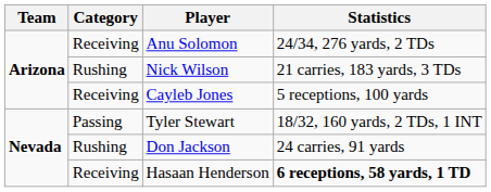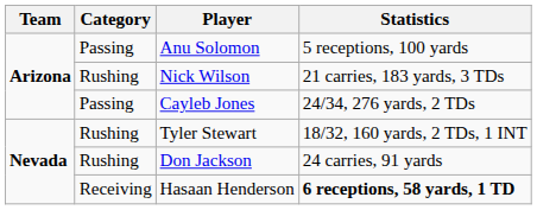 <table class="wikitable" style="float: left;">
 <tr>
 <th>Team</th>
 <th>Category</th>
 <th>Player</th>
 <th>Statistics</th>
 </tr>
 <tr>
 <td rowspan=3><strong>Arizona</strong></td>
-<td>Receiving</td>
+<td>Passing</td>
 <td><a href='#'>Anu Solomon</a></td>
-<td>24/34, 276 yards, 2 TDs</td>
+<td>5 receptions, 100 yards</td>
 </tr>
 <tr>
 <td>Rushing</td>
 <td><a href='#'>Nick Wilson</a></td>
 <td>21 carries, 183 yards, 3 TDs</td>
 </tr>
 <tr>
-<td>Receiving</td>
+<td>Passing</td>
 <td><a href='#'>Cayleb Jones</a></td>
-<td>5 receptions, 100 yards</td>
+<td>24/34, 276 yards, 2 TDs</td>
 </tr>
 <tr>
 <td rowspan=3><strong>Nevada</strong></td>
-<td>Passing</td>
+<td>Rushing</td>
 <td>Tyler Stewart</td>
 <td>18/32, 160 yards, 2 TDs, 1 INT</td>
 </tr>
 <tr>
 <td>Rushing</td>
 <td><a href='#'>Don Jackson</a></td>
 <td>24 carries, 91 yards</td>
 </tr>
 <tr>
 <td>Receiving</td>
 <td>Hasaan Henderson</td>
 <td><strong>6 receptions, 58 yards, 1 TD</strong></td>
 </tr>
 </table>
